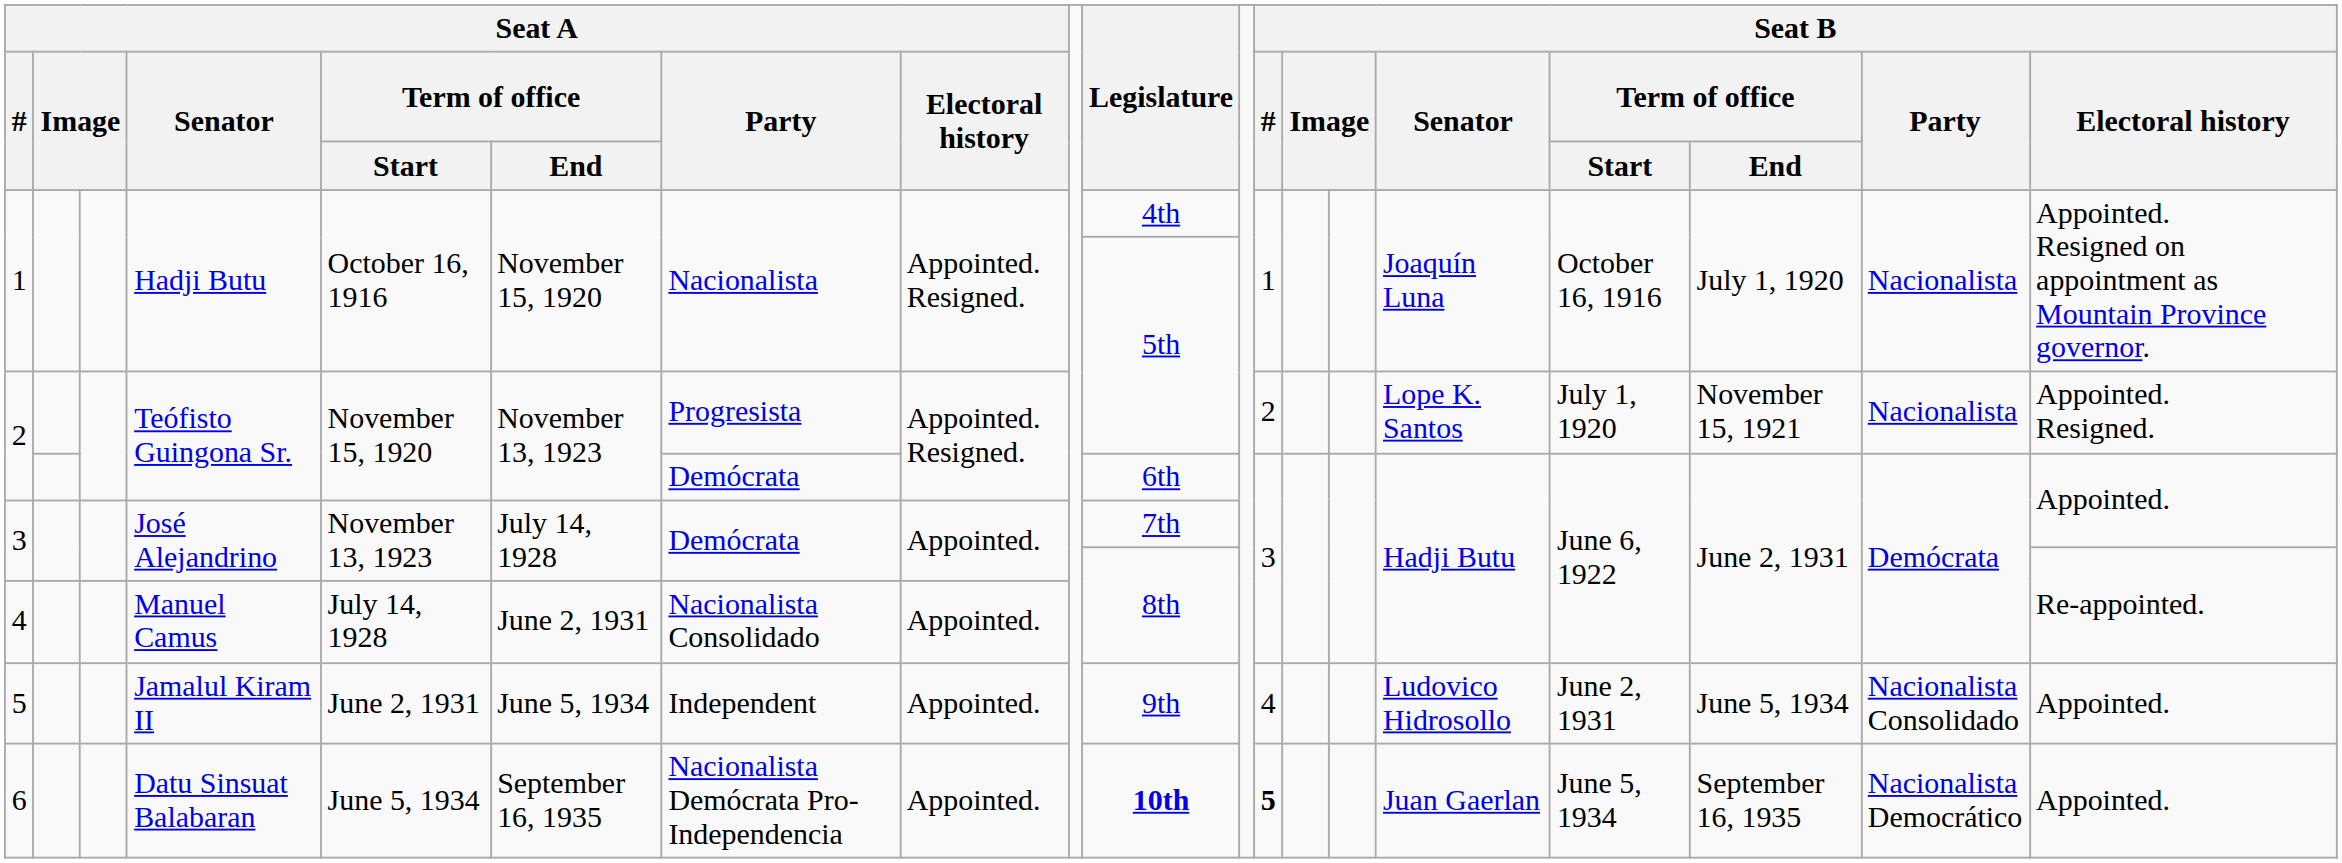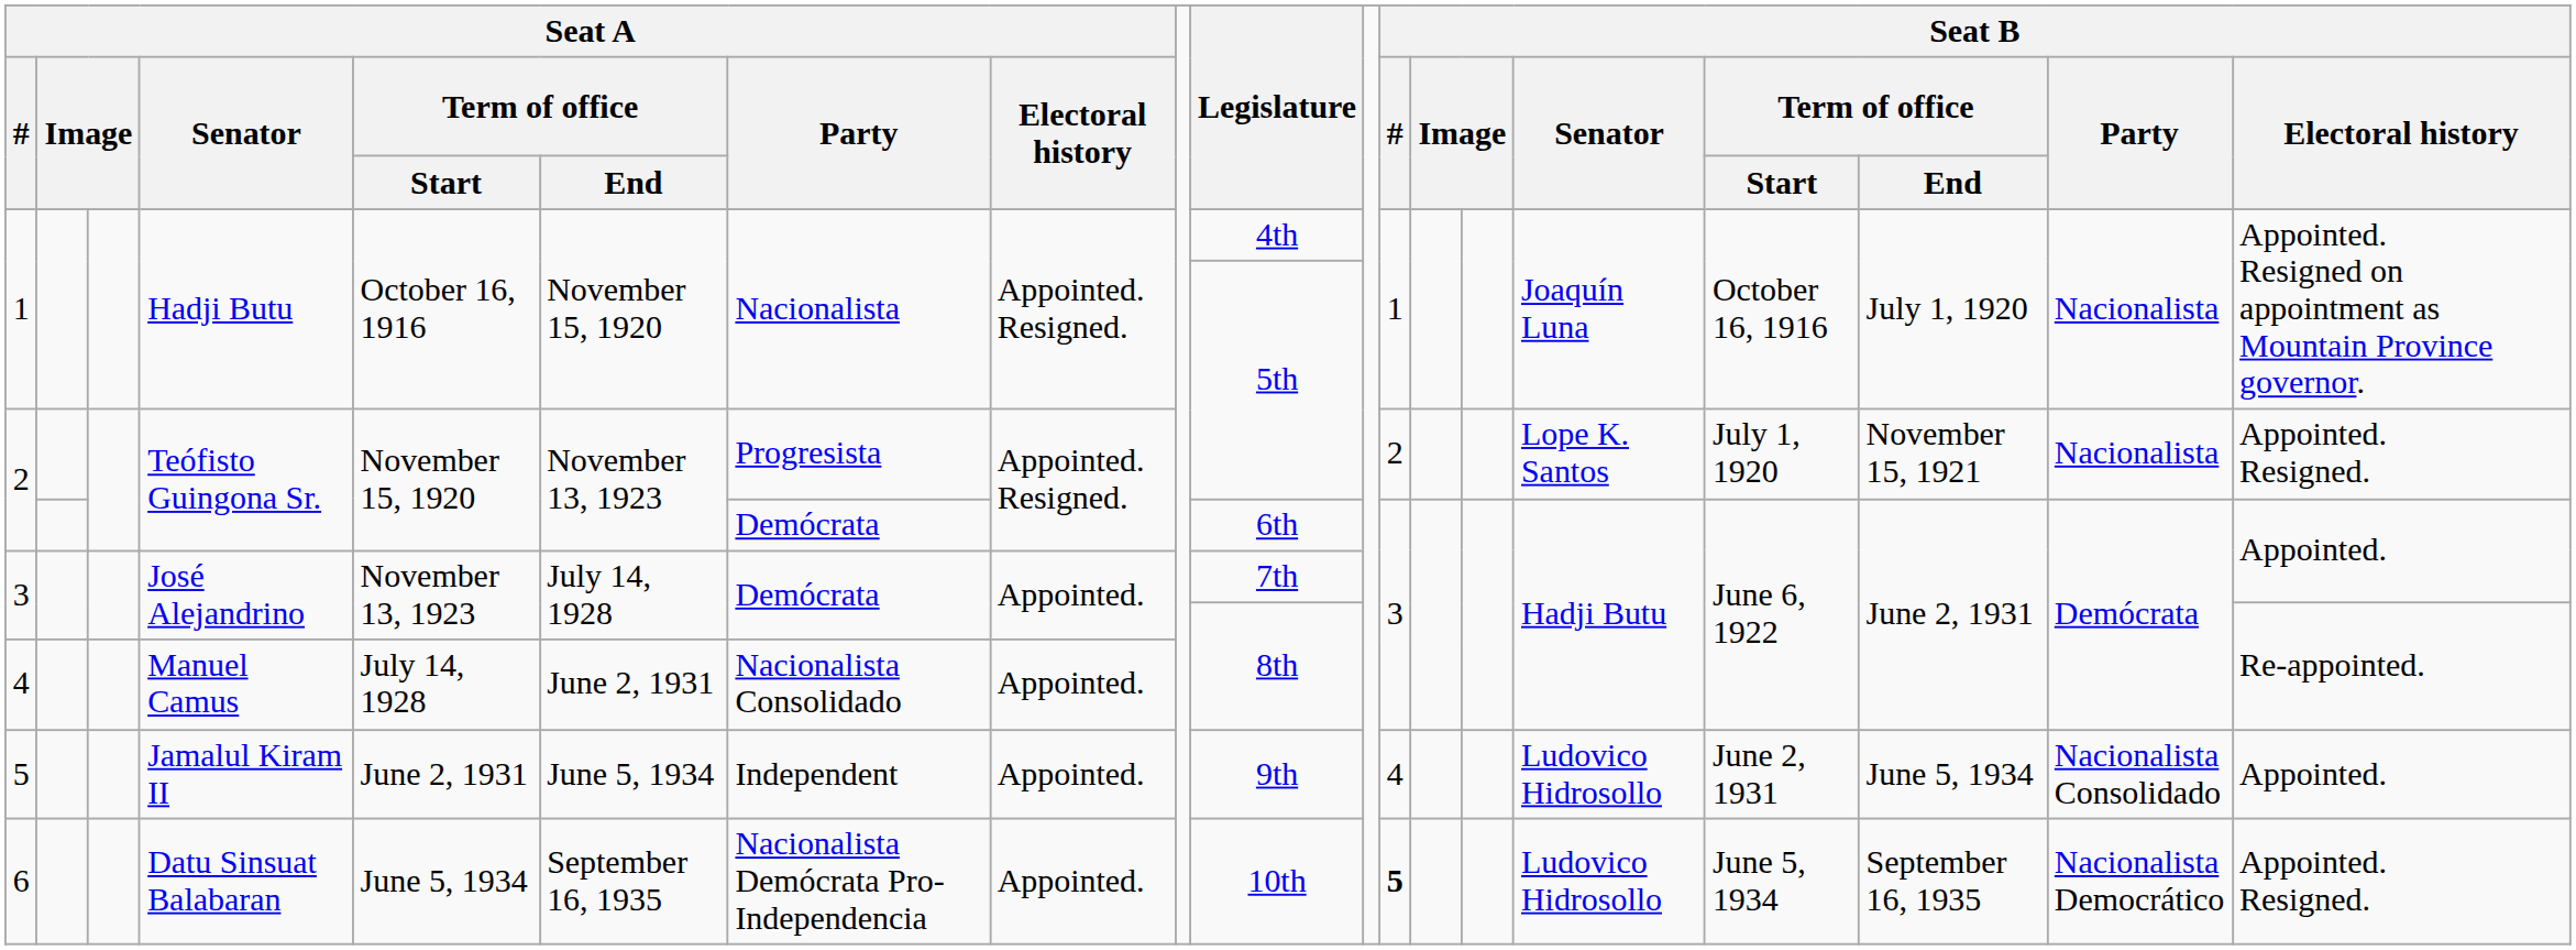 <table class="wikitable">
 <tr>
 <th colspan="8">Seat A</th>
 <td rowspan="99"></td>
 <th rowspan="3">Legislature</th>
 <td rowspan="99"></td>
 <th colspan="8">Seat B</th>
 </tr>
 <tr style="height:3em">
 <th rowspan="2">#</th>
 <th rowspan="2" colspan="2">Image</th>
 <th rowspan="2">Senator</th>
 <th colspan="2">Term of office</th>
 <th rowspan="2">Party</th>
 <th rowspan="2">Electoral history</th>
 <th rowspan="2">#</th>
 <th rowspan="2" colspan="2">Image</th>
 <th rowspan="2">Senator</th>
 <th colspan="2">Term of office</th>
 <th rowspan="2">Party</th>
 <th rowspan="2">Electoral history</th>
 </tr>
 <tr>
 <th>Start</th>
 <th>End</th>
 <th>Start</th>
 <th>End</th>
 </tr>
 <tr>
 <td rowspan="2" style="text-align:center;">1</td>
 <td rowspan="2" style="background:"></td>
 <td rowspan="2"></td>
 <td rowspan="2"><a href='#'>Hadji Butu</a></td>
 <td rowspan="2">October 16, 1916</td>
 <td rowspan="2">November 15, 1920</td>
 <td rowspan="2"><a href='#'>Nacionalista</a></td>
 <td rowspan="2">Appointed.<br>Resigned.</td>
 <td style="text-align:center;"><a href='#'>4th</a></td>
 <td rowspan="2" style="text-align:center;">1</td>
 <td rowspan="2" style="background:"></td>
 <td rowspan="2"></td>
 <td rowspan="2"><a href='#'>Joaquín Luna</a></td>
 <td rowspan="2">October 16, 1916</td>
 <td rowspan="2">July 1, 1920</td>
 <td rowspan="2"><a href='#'>Nacionalista</a></td>
 <td rowspan="2">Appointed.<br>Resigned on appointment as <a href='#'>Mountain Province governor</a>.</td>
 </tr>
 <tr>
 <td rowspan="2" style="text-align:center;"><a href='#'>5th</a></td>
 </tr>
 <tr>
 <td rowspan="2" style="text-align:center;">2</td>
 <td style="background:"></td>
 <td rowspan="2"></td>
 <td rowspan="2"><a href='#'>Teófisto Guingona Sr.</a></td>
 <td rowspan="2">November 15, 1920</td>
 <td rowspan="2">November 13, 1923</td>
 <td><a href='#'>Progresista</a></td>
 <td rowspan="2">Appointed.<br>Resigned.</td>
 <td style="text-align:center;">2</td>
 <td style="background:"></td>
 <td></td>
 <td><a href='#'>Lope K. Santos</a></td>
 <td>July 1, 1920</td>
 <td>November 15, 1921</td>
 <td><a href='#'>Nacionalista</a></td>
 <td>Appointed.<br>Resigned.</td>
 </tr>
 <tr>
 <td style="background:"></td>
 <td><a href='#'>Demócrata</a></td>
 <td rowspan="2" style="text-align:center;"><a href='#'>6th</a></td>
 <td rowspan="5" style="text-align:center;">3</td>
 <td rowspan="5" style="background:"></td>
 <td rowspan="5"></td>
 <td rowspan="5"><a href='#'>Hadji Butu</a></td>
 <td rowspan="5">June 6, 1922</td>
 <td rowspan="5">June 2, 1931</td>
 <td rowspan="5"><a href='#'>Demócrata</a></td>
 <td rowspan="3">Appointed.</td>
 </tr>
 <tr>
 <td rowspan="3" style="text-align:center;">3</td>
 <td rowspan="3" style="background:"></td>
 <td rowspan="3"></td>
 <td rowspan="3"><a href='#'>José Alejandrino</a></td>
 <td rowspan="3">November 13, 1923</td>
 <td rowspan="3">July 14, 1928</td>
 <td rowspan="3"><a href='#'>Demócrata</a></td>
 <td rowspan="3">Appointed.</td>
 </tr>
 <tr>
 <td style="text-align:center;"><a href='#'>7th</a></td>
 </tr>
 <tr>
 <td rowspan="2" style="text-align:center;"><a href='#'>8th</a></td>
 <td rowspan="2">Re-appointed.</td>
 </tr>
 <tr>
 <td style="text-align:center;">4</td>
 <td style="background:"></td>
 <td></td>
 <td><a href='#'>Manuel Camus</a></td>
 <td>July 14, 1928</td>
 <td>June 2, 1931</td>
 <td><a href='#'>Nacionalista</a><br>Consolidado</td>
 <td>Appointed.</td>
 </tr>
 <tr>
 <td style="text-align:center;">5</td>
 <td style="background:"></td>
 <td></td>
 <td><a href='#'>Jamalul Kiram II</a></td>
 <td>June 2, 1931</td>
 <td>June 5, 1934</td>
 <td>Independent</td>
 <td>Appointed.</td>
 <td style="text-align:center;"><a href='#'>9th</a></td>
 <td style="text-align:center;">4</td>
 <td style="background:"></td>
 <td></td>
 <td><a href='#'>Ludovico Hidrosollo</a></td>
 <td>June 2, 1931</td>
 <td>June 5, 1934</td>
 <td><a href='#'>Nacionalista</a><br>Consolidado</td>
 <td>Appointed.</td>
 </tr>
 <tr>
 <td style="text-align:center;">6</td>
 <td style="background:"></td>
 <td></td>
 <td><a href='#'>Datu Sinsuat Balabaran</a></td>
 <td>June 5, 1934</td>
 <td>September 16, 1935</td>
 <td><a href='#'>Nacionalista</a><br>Demócrata Pro-Independencia</td>
 <td>Appointed.</td>
-<td style="text-align:center;"><strong><a href='#'>10th</a></strong></td>
+<td style="text-align:center;"><a href='#'>10th</a></td>
 <td style="text-align:center;"><strong>5</strong></td>
 <td style="background:"></td>
 <td></td>
-<td><a href='#'>Juan Gaerlan</a></td>
+<td><a href='#'>Ludovico Hidrosollo</a></td>
 <td>June 5, 1934</td>
 <td>September 16, 1935</td>
 <td><a href='#'>Nacionalista</a><br>Democrático</td>
-<td>Appointed.</td>
+<td>Appointed.<br>Resigned.</td>
 </tr>
 </table>
